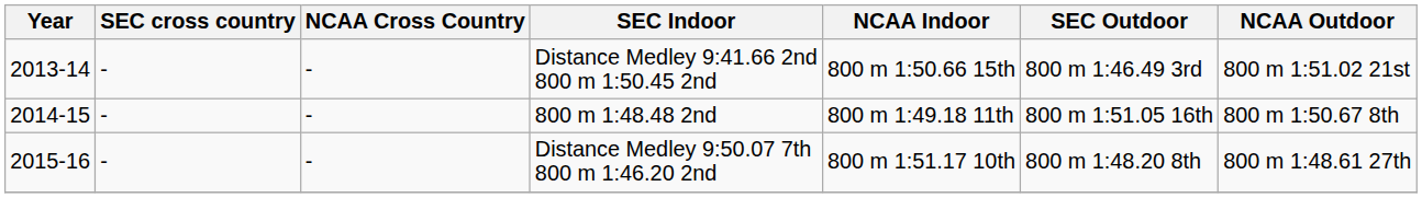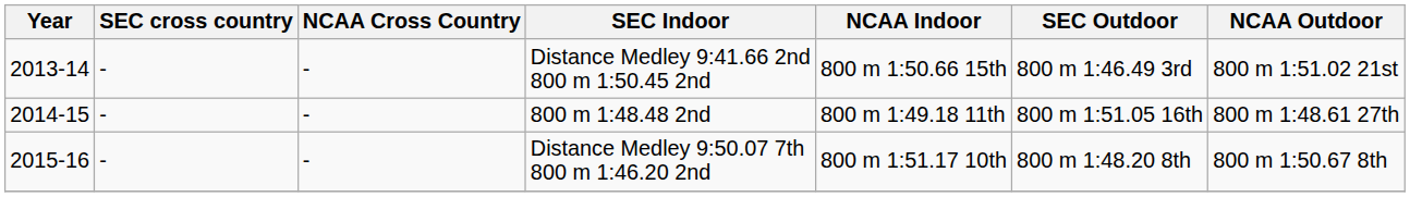 <table class="wikitable sortable">
 <tr>
 <th>Year</th>
 <th>SEC cross country</th>
 <th>NCAA Cross Country</th>
 <th>SEC Indoor</th>
 <th>NCAA Indoor</th>
 <th>SEC Outdoor</th>
 <th>NCAA Outdoor</th>
 </tr>
 <tr>
 <td>2013-14</td>
 <td>-</td>
 <td>-</td>
 <td>Distance Medley 9:41.66 2nd<br> 800 m 1:50.45 2nd</td>
 <td>800 m 1:50.66 15th</td>
 <td>800 m 1:46.49 3rd</td>
 <td>800 m 1:51.02 21st</td>
 </tr>
 <tr>
 <td>2014-15</td>
 <td>-</td>
 <td>-</td>
 <td>800 m 1:48.48 2nd</td>
 <td>800 m 1:49.18 11th</td>
 <td>800 m 1:51.05 16th</td>
-<td>800 m 1:50.67 8th</td>
+<td>800 m 1:48.61 27th</td>
 </tr>
 <tr>
 <td>2015-16</td>
 <td>-</td>
 <td>-</td>
 <td>Distance Medley 9:50.07 7th<br> 800 m 1:46.20 2nd</td>
 <td>800 m 1:51.17 10th</td>
 <td>800 m 1:48.20 8th</td>
-<td>800 m 1:48.61 27th</td>
+<td>800 m 1:50.67 8th</td>
 </tr>
 <tr>
 </tr>
 </table>
